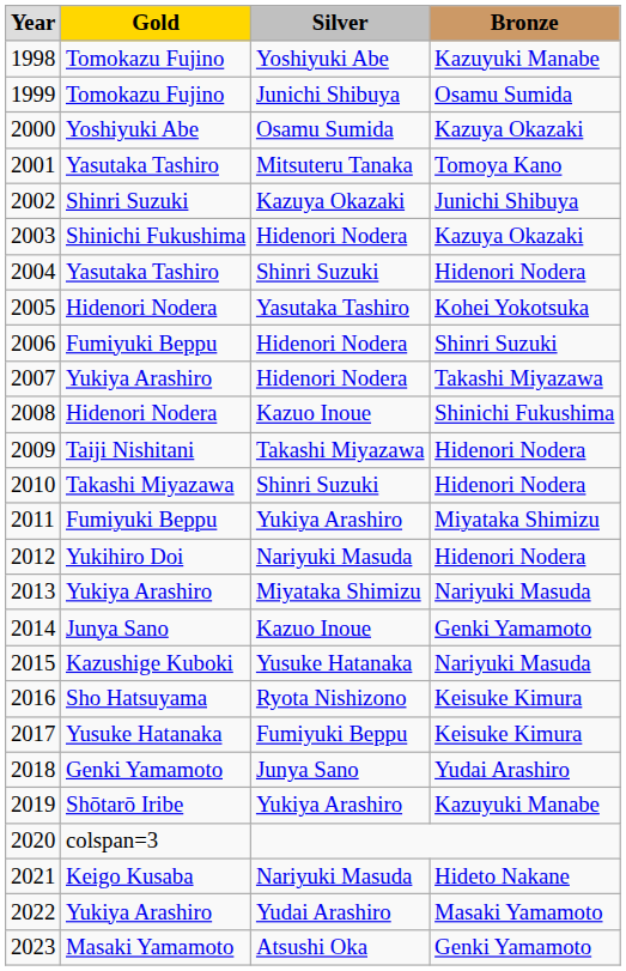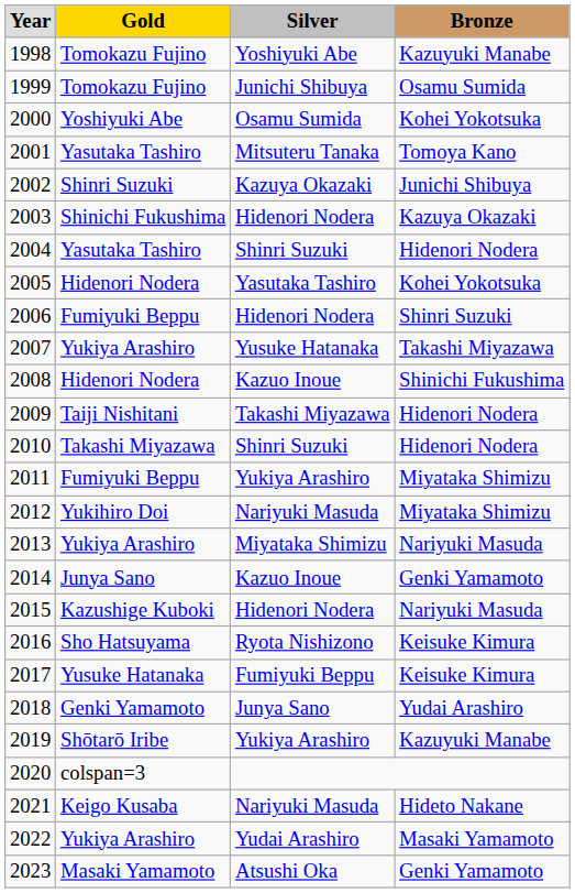 <table class="wikitable" style="text-align:left;">
 <tr>
 <td style="background:#DDDDDD; font-weight:bold; text-align:center;">Year</td>
 <td style="background:gold;font-weight:bold; text-align:center;">Gold</td>
 <td style="background:silver; font-weight:bold; text-align:center;">Silver</td>
 <td style="background:#cc9966; font-weight:bold; text-align:center;">Bronze</td>
 </tr>
 <tr>
 <td>1998</td>
 <td><a href='#'>Tomokazu Fujino</a></td>
 <td><a href='#'>Yoshiyuki Abe</a></td>
 <td><a href='#'>Kazuyuki Manabe</a></td>
 </tr>
 <tr>
 <td>1999</td>
 <td><a href='#'>Tomokazu Fujino</a></td>
 <td><a href='#'>Junichi Shibuya</a></td>
 <td><a href='#'>Osamu Sumida</a></td>
 </tr>
 <tr>
 <td>2000</td>
 <td><a href='#'>Yoshiyuki Abe</a></td>
 <td><a href='#'>Osamu Sumida</a></td>
-<td><a href='#'>Kazuya Okazaki</a></td>
+<td><a href='#'>Kohei Yokotsuka</a></td>
 </tr>
 <tr>
 <td>2001</td>
 <td><a href='#'>Yasutaka Tashiro</a></td>
 <td><a href='#'>Mitsuteru Tanaka</a></td>
 <td><a href='#'>Tomoya Kano</a></td>
 </tr>
 <tr>
 <td>2002</td>
 <td><a href='#'>Shinri Suzuki</a></td>
 <td><a href='#'>Kazuya Okazaki</a></td>
 <td><a href='#'>Junichi Shibuya</a></td>
 </tr>
 <tr>
 <td>2003</td>
 <td><a href='#'>Shinichi Fukushima</a></td>
 <td><a href='#'>Hidenori Nodera</a></td>
 <td><a href='#'>Kazuya Okazaki</a></td>
 </tr>
 <tr>
 <td>2004</td>
 <td><a href='#'>Yasutaka Tashiro</a></td>
 <td><a href='#'>Shinri Suzuki</a></td>
 <td><a href='#'>Hidenori Nodera</a></td>
 </tr>
 <tr>
 <td>2005</td>
 <td><a href='#'>Hidenori Nodera</a></td>
 <td><a href='#'>Yasutaka Tashiro</a></td>
 <td><a href='#'>Kohei Yokotsuka</a></td>
 </tr>
 <tr>
 <td>2006</td>
 <td><a href='#'>Fumiyuki Beppu</a></td>
 <td><a href='#'>Hidenori Nodera</a></td>
 <td><a href='#'>Shinri Suzuki</a></td>
 </tr>
 <tr>
 <td>2007</td>
 <td><a href='#'>Yukiya Arashiro</a></td>
-<td><a href='#'>Hidenori Nodera</a></td>
+<td><a href='#'>Yusuke Hatanaka</a></td>
 <td><a href='#'>Takashi Miyazawa</a></td>
 </tr>
 <tr>
 <td>2008</td>
 <td><a href='#'>Hidenori Nodera</a></td>
 <td><a href='#'>Kazuo Inoue</a></td>
 <td><a href='#'>Shinichi Fukushima</a></td>
 </tr>
 <tr>
 <td>2009</td>
 <td><a href='#'>Taiji Nishitani</a></td>
 <td><a href='#'>Takashi Miyazawa</a></td>
 <td><a href='#'>Hidenori Nodera</a></td>
 </tr>
 <tr>
 <td>2010</td>
 <td><a href='#'>Takashi Miyazawa</a></td>
 <td><a href='#'>Shinri Suzuki</a></td>
 <td><a href='#'>Hidenori Nodera</a></td>
 </tr>
 <tr>
 <td>2011</td>
 <td><a href='#'>Fumiyuki Beppu</a></td>
 <td><a href='#'>Yukiya Arashiro</a></td>
 <td><a href='#'>Miyataka Shimizu</a></td>
 </tr>
 <tr>
 <td>2012</td>
 <td><a href='#'>Yukihiro Doi</a></td>
 <td><a href='#'>Nariyuki Masuda</a></td>
-<td><a href='#'>Hidenori Nodera</a></td>
+<td><a href='#'>Miyataka Shimizu</a></td>
 </tr>
 <tr>
 <td>2013</td>
 <td><a href='#'>Yukiya Arashiro</a></td>
 <td><a href='#'>Miyataka Shimizu</a></td>
 <td><a href='#'>Nariyuki Masuda</a></td>
 </tr>
 <tr>
 <td>2014</td>
 <td><a href='#'>Junya Sano</a></td>
 <td><a href='#'>Kazuo Inoue</a></td>
 <td><a href='#'>Genki Yamamoto</a></td>
 </tr>
 <tr>
 <td>2015</td>
 <td><a href='#'>Kazushige Kuboki</a></td>
-<td><a href='#'>Yusuke Hatanaka</a></td>
+<td><a href='#'>Hidenori Nodera</a></td>
 <td><a href='#'>Nariyuki Masuda</a></td>
 </tr>
 <tr>
 <td>2016</td>
 <td><a href='#'>Sho Hatsuyama</a></td>
 <td><a href='#'>Ryota Nishizono</a></td>
 <td><a href='#'>Keisuke Kimura</a></td>
 </tr>
 <tr>
 <td>2017</td>
 <td><a href='#'>Yusuke Hatanaka</a></td>
 <td><a href='#'>Fumiyuki Beppu</a></td>
 <td><a href='#'>Keisuke Kimura</a></td>
 </tr>
 <tr>
 <td>2018</td>
 <td><a href='#'>Genki Yamamoto</a></td>
 <td><a href='#'>Junya Sano</a></td>
 <td><a href='#'>Yudai Arashiro</a></td>
 </tr>
 <tr>
 <td>2019</td>
 <td><a href='#'>Shōtarō Iribe</a></td>
 <td><a href='#'>Yukiya Arashiro</a></td>
 <td><a href='#'>Kazuyuki Manabe</a></td>
 </tr>
 <tr>
 <td>2020</td>
 <td>colspan=3 </td>
 </tr>
 <tr>
 <td>2021</td>
 <td><a href='#'>Keigo Kusaba</a></td>
 <td><a href='#'>Nariyuki Masuda</a></td>
 <td><a href='#'>Hideto Nakane</a></td>
 </tr>
 <tr>
 <td>2022</td>
 <td><a href='#'>Yukiya Arashiro</a></td>
 <td><a href='#'>Yudai Arashiro</a></td>
 <td><a href='#'>Masaki Yamamoto</a></td>
 </tr>
 <tr>
 <td>2023</td>
 <td><a href='#'>Masaki Yamamoto</a></td>
 <td><a href='#'>Atsushi Oka</a></td>
 <td><a href='#'>Genki Yamamoto</a></td>
 </tr>
 </table>
